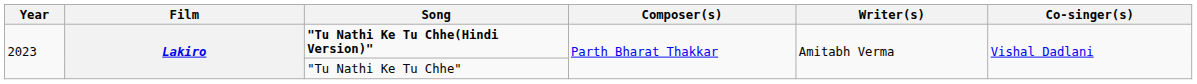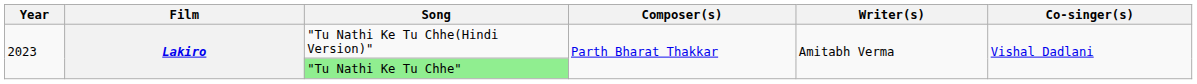 <table class="wikitable plainrowheaders" width="100%" textcolor:#000;">
 <tr>
 <th scope="col" width=5%><strong>Year</strong></th>
 <th scope="col" width="20%">Film</th>
 <th scope="col" width="22%"><strong>Song</strong></th>
 <th scope="col" width=19%><strong>Composer(s)</strong></th>
 <th scope="col" width=16%><strong>Writer(s)</strong></th>
 <th scope="col" width=17%><strong>Co-singer(s)</strong></th>
 </tr>
 <tr>
 <td rowspan="2">2023</td>
 <th rowspan="2"><em><a href='#'>Lakiro</a></em></th>
-<td><strong>"Tu Nathi Ke Tu Chhe(Hindi Version)"</strong></td>
+<td>"Tu Nathi Ke Tu Chhe(Hindi Version)"</td>
 <td rowspan="2"><a href='#'>Parth Bharat Thakkar</a></td>
 <td rowspan="2">Amitabh Verma</td>
 <td rowspan="2"><a href='#'>Vishal Dadlani</a></td>
 </tr>
 <tr>
-<td>"Tu Nathi Ke Tu Chhe"</td>
+<td style="background: lightgreen;">"Tu Nathi Ke Tu Chhe"</td>
 </tr>
 </table>
